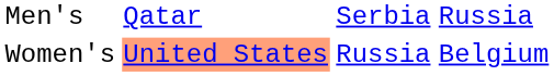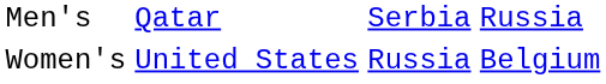 <table>
 <tr>
 <td>Men's <br></td>
 <td> <a href='#'>Qatar</a></td>
 <td> <a href='#'>Serbia</a></td>
 <td> <a href='#'>Russia</a></td>
 </tr>
 <tr>
 <td>Women's <br></td>
-<td style="background: lightsalmon;"> <a href='#'>United States</a></td>
+<td> <a href='#'>United States</a></td>
 <td> <a href='#'>Russia</a></td>
 <td> <a href='#'>Belgium</a></td>
 </tr>
 </table>
